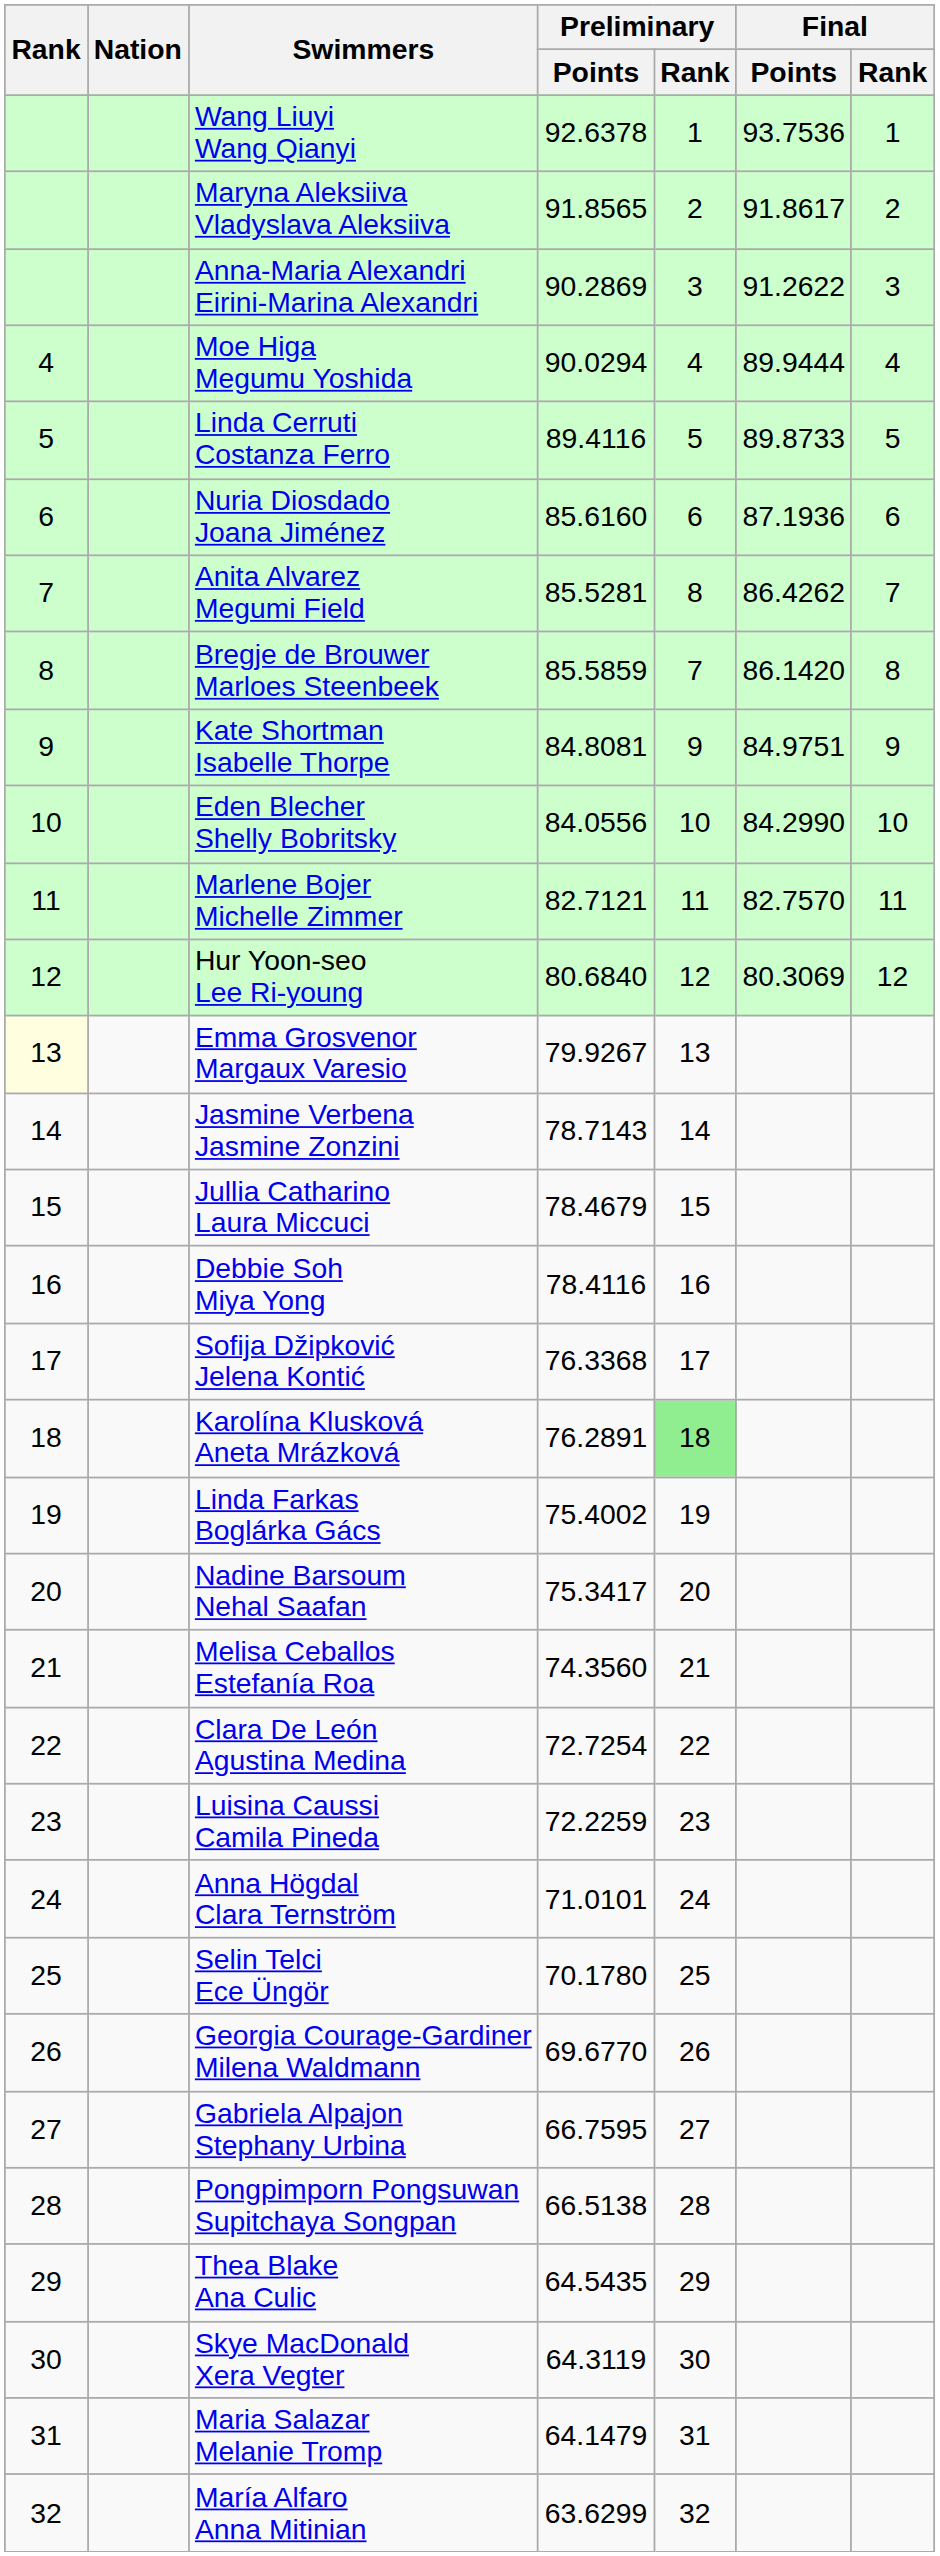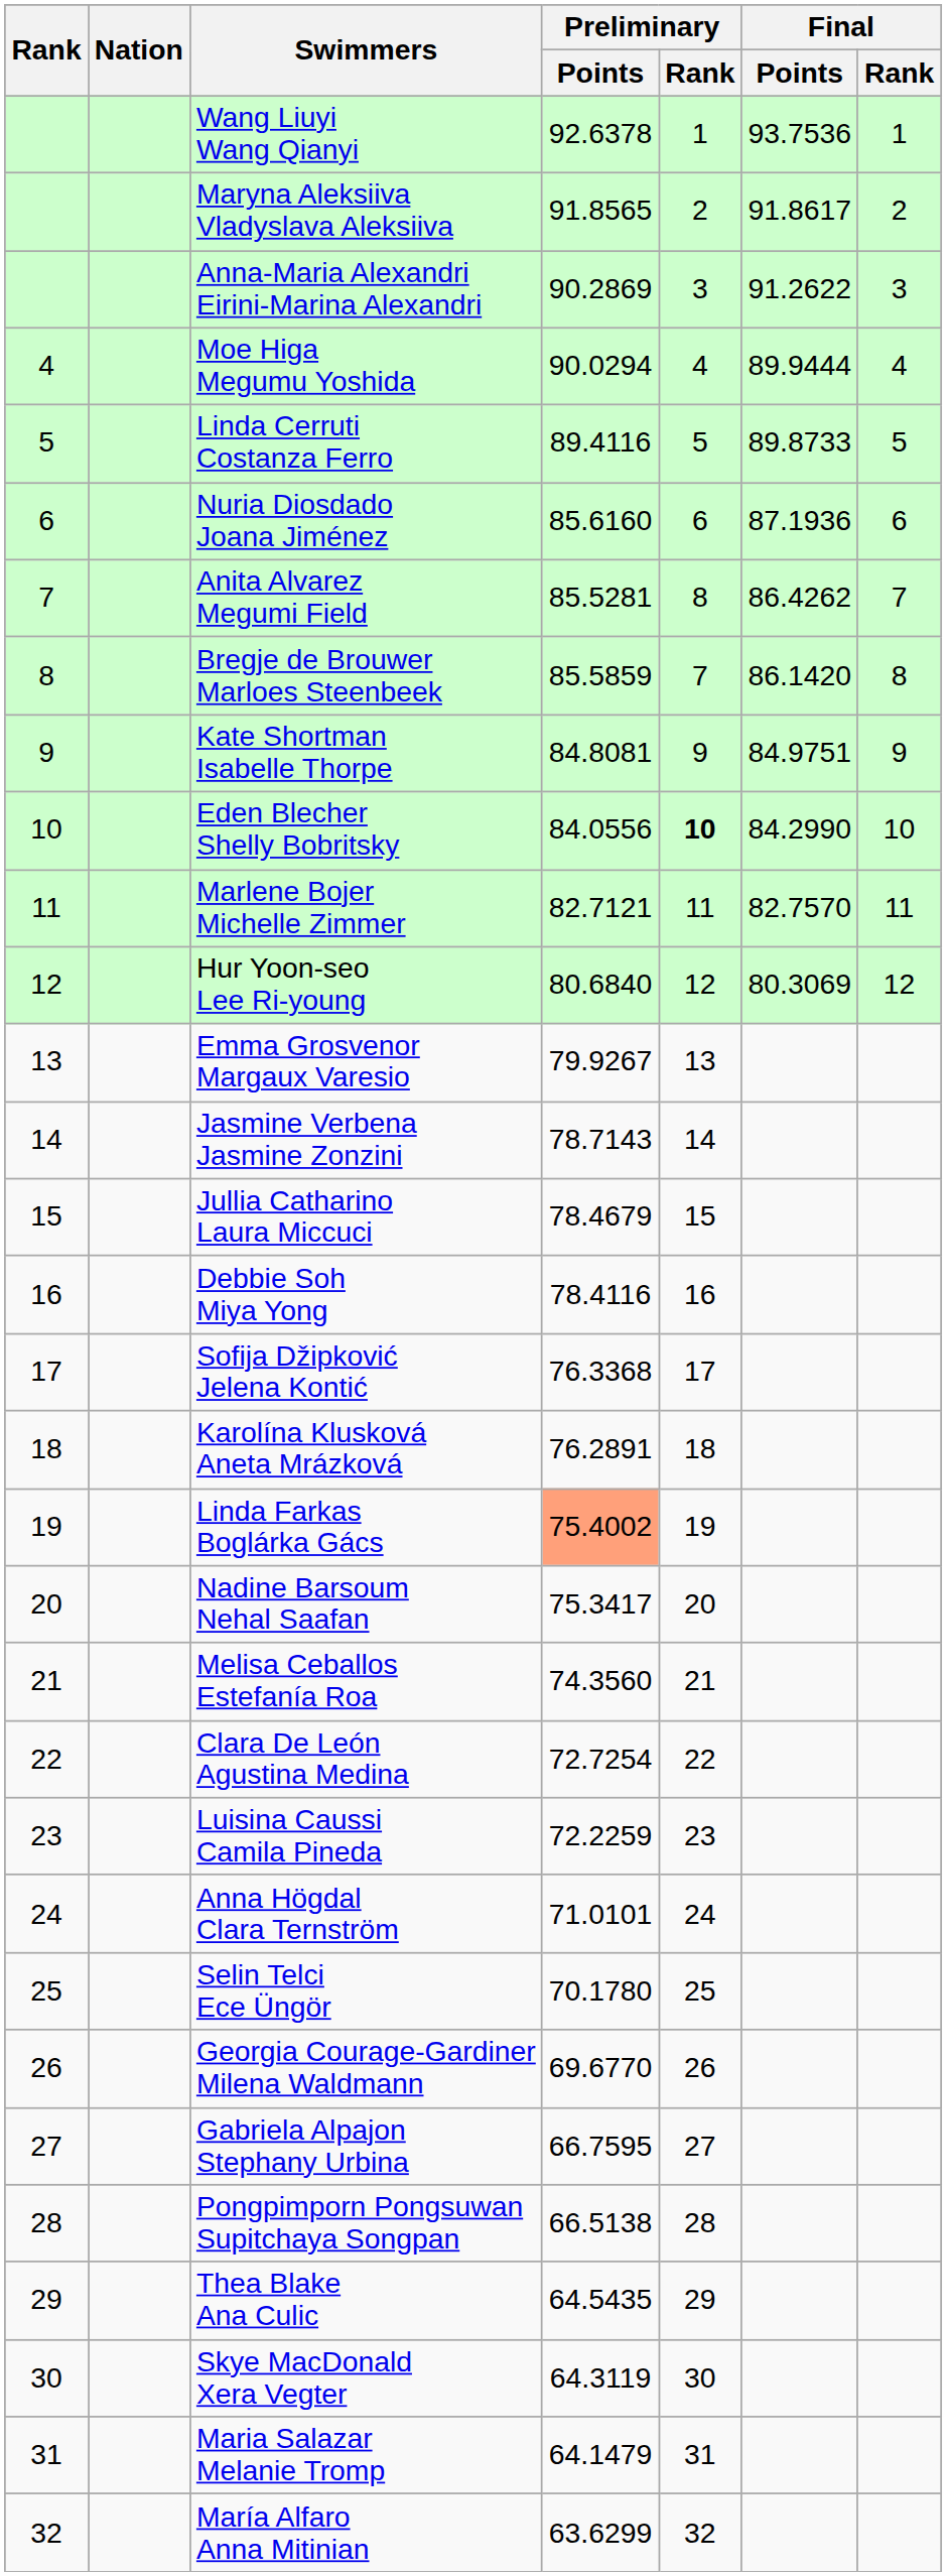 <table class="wikitable sortable" style="text-align:center">
 <tr>
 <th rowspan=2>Rank</th>
 <th rowspan=2>Nation</th>
 <th rowspan=2>Swimmers</th>
 <th colspan=2>Preliminary</th>
 <th colspan=2>Final</th>
 </tr>
 <tr>
 <th>Points</th>
 <th>Rank</th>
 <th>Points</th>
 <th>Rank</th>
 </tr>
 <tr bgcolor=ccffcc>
 <td></td>
 <td align=left></td>
 <td align=left><a href='#'>Wang Liuyi</a><br><a href='#'>Wang Qianyi</a></td>
 <td>92.6378</td>
 <td>1</td>
 <td>93.7536</td>
 <td>1</td>
 </tr>
 <tr bgcolor=ccffcc>
 <td></td>
 <td align=left></td>
 <td align=left><a href='#'>Maryna Aleksiiva</a><br><a href='#'>Vladyslava Aleksiiva</a></td>
 <td>91.8565</td>
 <td>2</td>
 <td>91.8617</td>
 <td>2</td>
 </tr>
 <tr bgcolor=ccffcc>
 <td></td>
 <td align=left></td>
 <td align=left><a href='#'>Anna-Maria Alexandri</a><br><a href='#'>Eirini-Marina Alexandri</a></td>
 <td>90.2869</td>
 <td>3</td>
 <td>91.2622</td>
 <td>3</td>
 </tr>
 <tr bgcolor=ccffcc>
 <td>4</td>
 <td align=left></td>
 <td align=left><a href='#'>Moe Higa</a><br><a href='#'>Megumu Yoshida</a></td>
 <td>90.0294</td>
 <td>4</td>
 <td>89.9444</td>
 <td>4</td>
 </tr>
 <tr bgcolor=ccffcc>
 <td>5</td>
 <td align=left></td>
 <td align=left><a href='#'>Linda Cerruti</a><br><a href='#'>Costanza Ferro</a></td>
 <td>89.4116</td>
 <td>5</td>
 <td>89.8733</td>
 <td>5</td>
 </tr>
 <tr bgcolor=ccffcc>
 <td>6</td>
 <td align=left></td>
 <td align=left><a href='#'>Nuria Diosdado</a><br><a href='#'>Joana Jiménez</a></td>
 <td>85.6160</td>
 <td>6</td>
 <td>87.1936</td>
 <td>6</td>
 </tr>
 <tr bgcolor=ccffcc>
 <td>7</td>
 <td align=left></td>
 <td align=left><a href='#'>Anita Alvarez</a><br><a href='#'>Megumi Field</a></td>
 <td>85.5281</td>
 <td>8</td>
 <td>86.4262</td>
 <td>7</td>
 </tr>
 <tr bgcolor=ccffcc>
 <td>8</td>
 <td align=left></td>
 <td align=left><a href='#'>Bregje de Brouwer</a><br><a href='#'>Marloes Steenbeek</a></td>
 <td>85.5859</td>
 <td>7</td>
 <td>86.1420</td>
 <td>8</td>
 </tr>
 <tr bgcolor=ccffcc>
 <td>9</td>
 <td align=left></td>
 <td align=left><a href='#'>Kate Shortman</a><br><a href='#'>Isabelle Thorpe</a></td>
 <td>84.8081</td>
 <td>9</td>
 <td>84.9751</td>
 <td>9</td>
 </tr>
 <tr bgcolor=ccffcc>
 <td>10</td>
 <td align=left></td>
 <td align=left><a href='#'>Eden Blecher</a><br><a href='#'>Shelly Bobritsky</a></td>
 <td>84.0556</td>
-<td>10</td>
+<td><strong>10</strong></td>
 <td>84.2990</td>
 <td>10</td>
 </tr>
 <tr bgcolor=ccffcc>
 <td>11</td>
 <td align=left></td>
 <td align=left><a href='#'>Marlene Bojer</a><br><a href='#'>Michelle Zimmer</a></td>
 <td>82.7121</td>
 <td>11</td>
 <td>82.7570</td>
 <td>11</td>
 </tr>
 <tr bgcolor=ccffcc>
 <td>12</td>
 <td align=left></td>
 <td align=left>Hur Yoon-seo<br><a href='#'>Lee Ri-young</a></td>
 <td>80.6840</td>
 <td>12</td>
 <td>80.3069</td>
 <td>12</td>
 </tr>
 <tr>
-<td style="background: lightyellow;">13</td>
+<td>13</td>
 <td align=left></td>
 <td align=left><a href='#'>Emma Grosvenor</a><br><a href='#'>Margaux Varesio</a></td>
 <td>79.9267</td>
 <td>13</td>
 <td></td>
 <td></td>
 </tr>
 <tr>
 <td>14</td>
 <td align=left></td>
 <td align=left><a href='#'>Jasmine Verbena</a><br><a href='#'>Jasmine Zonzini</a></td>
 <td>78.7143</td>
 <td>14</td>
 <td></td>
 <td></td>
 </tr>
 <tr>
 <td>15</td>
 <td align=left></td>
 <td align=left><a href='#'>Jullia Catharino</a><br><a href='#'>Laura Miccuci</a></td>
 <td>78.4679</td>
 <td>15</td>
 <td></td>
 <td></td>
 </tr>
 <tr>
 <td>16</td>
 <td align=left></td>
 <td align=left><a href='#'>Debbie Soh</a><br><a href='#'>Miya Yong</a></td>
 <td>78.4116</td>
 <td>16</td>
 <td></td>
 <td></td>
 </tr>
 <tr>
 <td>17</td>
 <td align=left></td>
 <td align=left><a href='#'>Sofija Džipković</a><br><a href='#'>Jelena Kontić</a></td>
 <td>76.3368</td>
 <td>17</td>
 <td></td>
 <td></td>
 </tr>
 <tr>
 <td>18</td>
 <td align=left></td>
 <td align=left><a href='#'>Karolína Klusková</a><br><a href='#'>Aneta Mrázková</a></td>
 <td>76.2891</td>
-<td style="background: lightgreen;">18</td>
+<td>18</td>
 <td></td>
 <td></td>
 </tr>
 <tr>
 <td>19</td>
 <td align=left></td>
 <td align=left><a href='#'>Linda Farkas</a><br><a href='#'>Boglárka Gács</a></td>
-<td>75.4002</td>
+<td style="background: lightsalmon;">75.4002</td>
 <td>19</td>
 <td></td>
 <td></td>
 </tr>
 <tr>
 <td>20</td>
 <td align=left></td>
 <td align=left><a href='#'>Nadine Barsoum</a><br><a href='#'>Nehal Saafan</a></td>
 <td>75.3417</td>
 <td>20</td>
 <td></td>
 <td></td>
 </tr>
 <tr>
 <td>21</td>
 <td align=left></td>
 <td align=left><a href='#'>Melisa Ceballos</a><br><a href='#'>Estefanía Roa</a></td>
 <td>74.3560</td>
 <td>21</td>
 <td></td>
 <td></td>
 </tr>
 <tr>
 <td>22</td>
 <td align=left></td>
 <td align=left><a href='#'>Clara De León</a><br><a href='#'>Agustina Medina</a></td>
 <td>72.7254</td>
 <td>22</td>
 <td></td>
 <td></td>
 </tr>
 <tr>
 <td>23</td>
 <td align=left></td>
 <td align=left><a href='#'>Luisina Caussi</a><br><a href='#'>Camila Pineda</a></td>
 <td>72.2259</td>
 <td>23</td>
 <td></td>
 <td></td>
 </tr>
 <tr>
 <td>24</td>
 <td align=left></td>
 <td align=left><a href='#'>Anna Högdal</a><br><a href='#'>Clara Ternström</a></td>
 <td>71.0101</td>
 <td>24</td>
 <td></td>
 <td></td>
 </tr>
 <tr>
 <td>25</td>
 <td align=left></td>
 <td align=left><a href='#'>Selin Telci</a><br><a href='#'>Ece Üngör</a></td>
 <td>70.1780</td>
 <td>25</td>
 <td></td>
 <td></td>
 </tr>
 <tr>
 <td>26</td>
 <td align=left></td>
 <td align=left><a href='#'>Georgia Courage-Gardiner</a><br><a href='#'>Milena Waldmann</a></td>
 <td>69.6770</td>
 <td>26</td>
 <td></td>
 <td></td>
 </tr>
 <tr>
 <td>27</td>
 <td align=left></td>
 <td align=left><a href='#'>Gabriela Alpajon</a><br><a href='#'>Stephany Urbina</a></td>
 <td>66.7595</td>
 <td>27</td>
 <td></td>
 <td></td>
 </tr>
 <tr>
 <td>28</td>
 <td align=left></td>
 <td align=left><a href='#'>Pongpimporn Pongsuwan</a><br><a href='#'>Supitchaya Songpan</a></td>
 <td>66.5138</td>
 <td>28</td>
 <td></td>
 <td></td>
 </tr>
 <tr>
 <td>29</td>
 <td align=left></td>
 <td align=left><a href='#'>Thea Blake</a><br><a href='#'>Ana Culic</a></td>
 <td>64.5435</td>
 <td>29</td>
 <td></td>
 <td></td>
 </tr>
 <tr>
 <td>30</td>
 <td align=left></td>
 <td align=left><a href='#'>Skye MacDonald</a><br><a href='#'>Xera Vegter</a></td>
 <td>64.3119</td>
 <td>30</td>
 <td></td>
 <td></td>
 </tr>
 <tr>
 <td>31</td>
 <td align=left></td>
 <td align=left><a href='#'>Maria Salazar</a><br><a href='#'>Melanie Tromp</a></td>
 <td>64.1479</td>
 <td>31</td>
 <td></td>
 <td></td>
 </tr>
 <tr>
 <td>32</td>
 <td align=left></td>
 <td align=left><a href='#'>María Alfaro</a><br><a href='#'>Anna Mitinian</a></td>
 <td>63.6299</td>
 <td>32</td>
 <td></td>
 <td></td>
 </tr>
 </table>
